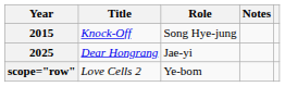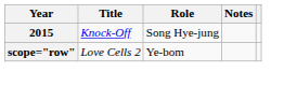 <table class="wikitable plainrowheaders">
 <tr>
 <th scope="col">Year</th>
 <th scope="col">Title</th>
 <th scope="col">Role</th>
 <th scope="col">Notes</th>
 <th scope="col"></th>
 </tr>
 <tr>
 <th scope="row">2015</th>
 <td><em><a href='#'>Knock-Off</a></em></td>
 <td>Song Hye-jung</td>
 <td></td>
 <td style="text-align:center"></td>
 </tr>
 <tr>
-<th scope="row">2025</th>
-<td><em><a href='#'>Dear Hongrang</a></em></td>
-<td>Jae-yi</td>
-<td></td>
-<td style="text-align:center"></td>
-</tr>
-<tr>
 <th>scope="row" </th>
 <td><em>Love Cells 2</em></td>
 <td>Ye-bom</td>
 <td></td>
 <td style="text-align:center"></td>
 </tr>
 </table>
